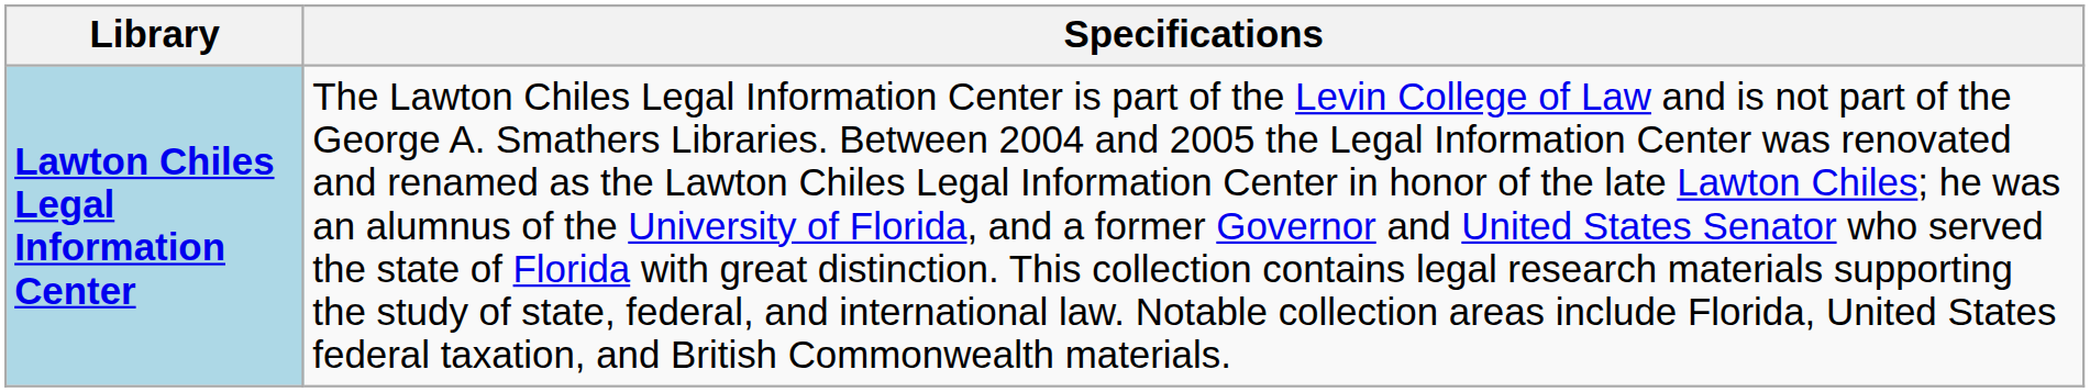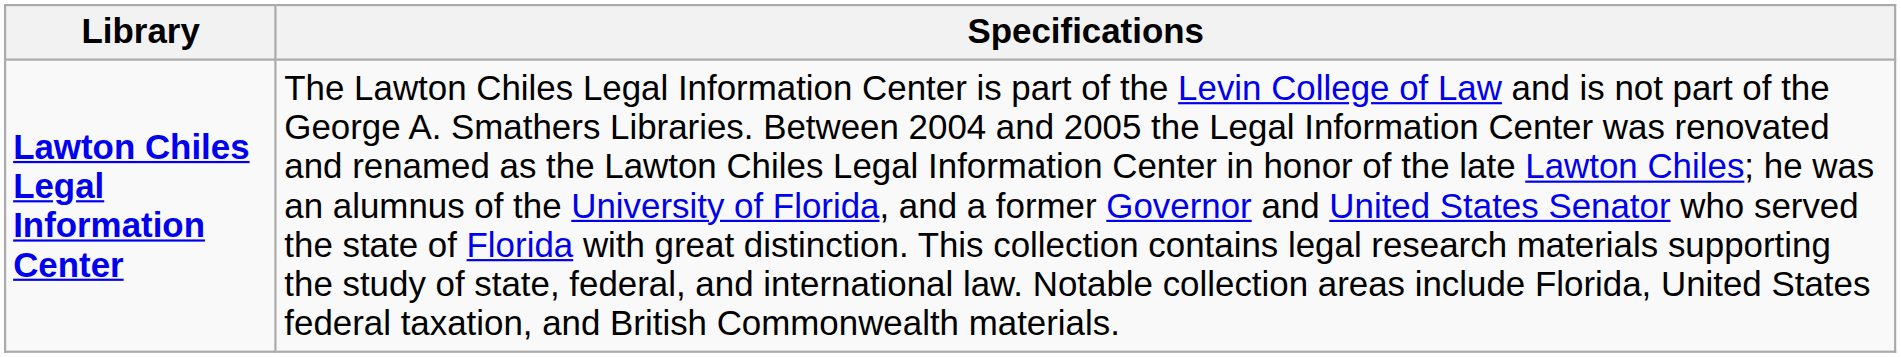 <table class="wikitable">
 <tr>
 <th>Library</th>
 <th>Specifications</th>
 </tr>
 <tr>
-<td style="background: lightblue;"><strong><a href='#'>Lawton Chiles Legal Information Center</a></strong></td>
+<td><strong><a href='#'>Lawton Chiles Legal Information Center</a></strong></td>
 <td>The Lawton Chiles Legal Information Center is part of the <a href='#'>Levin College of Law</a> and is not part of the George A. Smathers Libraries. Between 2004 and 2005 the Legal Information Center was renovated and renamed as the Lawton Chiles Legal Information Center in honor of the late <a href='#'>Lawton Chiles</a>; he was an alumnus of the <a href='#'>University of Florida</a>, and a former <a href='#'>Governor</a> and <a href='#'>United States Senator</a> who served the state of <a href='#'>Florida</a> with great distinction. This collection contains legal research materials supporting the study of state, federal, and international law. Notable collection areas include Florida, United States federal taxation, and British Commonwealth materials.</td>
 </tr>
 </table>
